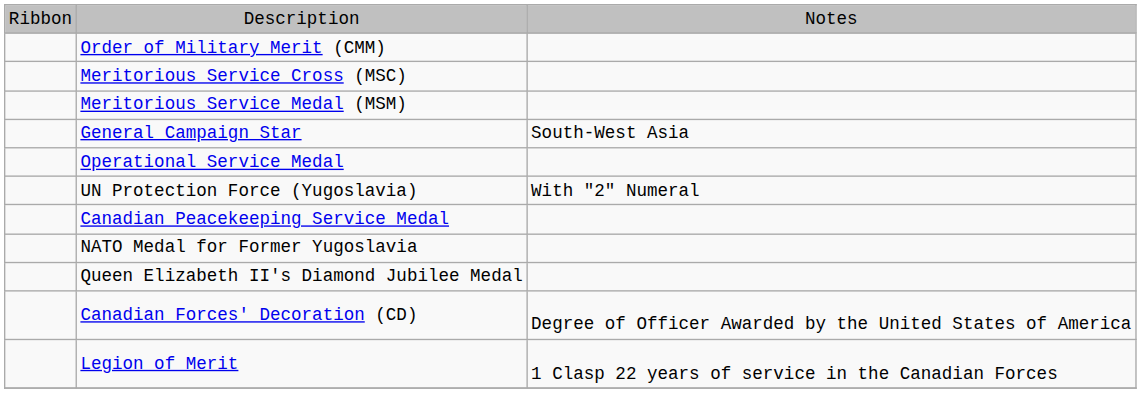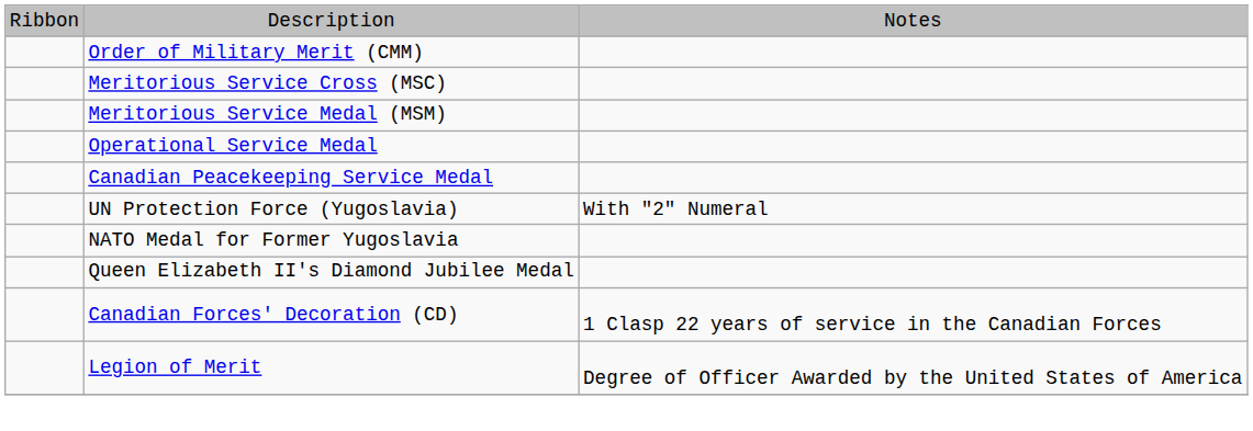 <table class="wikitable">
 <tr style="background:silver;" align="center">
 <td>Ribbon</td>
 <td>Description</td>
 <td>Notes</td>
 </tr>
 <tr>
 <td></td>
 <td><a href='#'>Order of Military Merit</a> (CMM)</td>
 <td></td>
 </tr>
 <tr>
 <td></td>
 <td><a href='#'>Meritorious Service Cross</a> (MSC)</td>
 <td></td>
 </tr>
 <tr>
 <td></td>
 <td><a href='#'>Meritorious Service Medal</a> (MSM)</td>
 </tr>
 <tr>
 <td></td>
-<td><a href='#'>General Campaign Star</a></td>
-<td>South-West Asia</td>
+<td><a href='#'>Operational Service Medal</a></td>
+<td></td>
 </tr>
 <tr>
 <td></td>
-<td><a href='#'>Operational Service Medal</a></td>
+<td><a href='#'>Canadian Peacekeeping Service Medal</a></td>
 <td></td>
 </tr>
 <tr>
 <td></td>
 <td>UN Protection Force (Yugoslavia)</td>
 <td>With "2" Numeral</td>
-</tr>
-<tr>
-<td></td>
-<td><a href='#'>Canadian Peacekeeping Service Medal</a></td>
-<td></td>
 </tr>
 <tr>
 <td></td>
 <td>NATO Medal for Former Yugoslavia</td>
 <td></td>
 </tr>
 <tr>
 <td></td>
 <td>Queen Elizabeth II's Diamond Jubilee Medal</td>
 </tr>
 <tr>
 <td></td>
 <td><a href='#'>Canadian Forces' Decoration</a> (CD)</td>
-<td><br>Degree of Officer Awarded by the United States of America</td>
+<td><br>1 Clasp 22 years of service in the Canadian Forces</td>
 </tr>
 <tr>
 <td></td>
 <td><a href='#'>Legion of Merit</a></td>
-<td><br>1 Clasp 22 years of service in the Canadian Forces</td>
+<td><br>Degree of Officer Awarded by the United States of America</td>
 </tr>
 <tr>
 </tr>
 </table>
